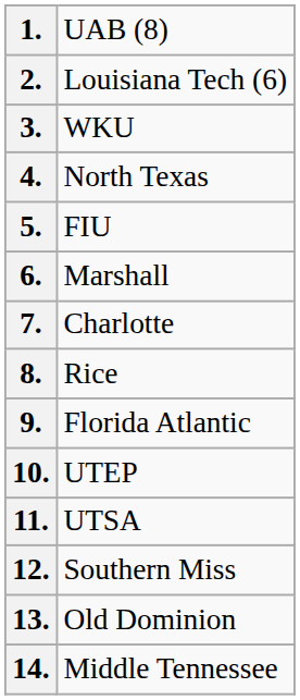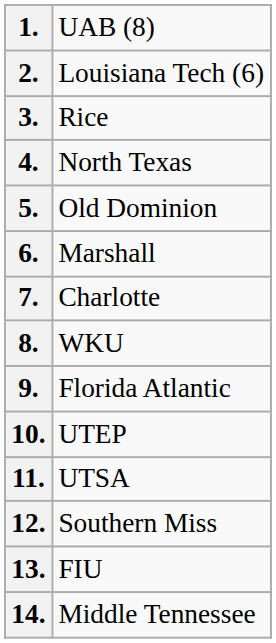 <table class="wikitable" style="white-space:nowrap; font-size:90%;">
 <tr>
 <th>1.</th>
 <td>UAB (8)</td>
 </tr>
 <tr>
 <th>2.</th>
 <td>Louisiana Tech (6)</td>
 </tr>
 <tr>
 <th>3.</th>
-<td>WKU</td>
+<td>Rice</td>
 </tr>
 <tr>
 <th>4.</th>
 <td>North Texas</td>
 </tr>
 <tr>
 <th>5.</th>
-<td>FIU</td>
+<td>Old Dominion</td>
 </tr>
 <tr>
 <th>6.</th>
 <td>Marshall</td>
 </tr>
 <tr>
 <th>7.</th>
 <td>Charlotte</td>
 </tr>
 <tr>
 <th>8.</th>
-<td>Rice</td>
+<td>WKU</td>
 </tr>
 <tr>
 <th>9.</th>
 <td>Florida Atlantic</td>
 </tr>
 <tr>
 <th>10.</th>
 <td>UTEP</td>
 </tr>
 <tr>
 <th>11.</th>
 <td>UTSA</td>
 </tr>
 <tr>
 <th>12.</th>
 <td>Southern Miss</td>
 </tr>
 <tr>
 <th>13.</th>
-<td>Old Dominion</td>
+<td>FIU</td>
 </tr>
 <tr>
 <th>14.</th>
 <td>Middle Tennessee</td>
 </tr>
 </table>
